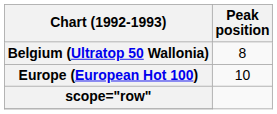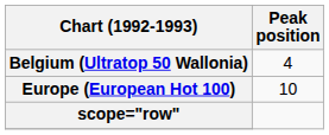 <table class="wikitable sortable plainrowheaders">
 <tr>
 <th>Chart (1992-1993)</th>
 <th>Peak<br>position</th>
 </tr>
 <tr>
 <th scope="row">Belgium (<a href='#'>Ultratop 50</a> Wallonia)</th>
-<td align="center">8</td>
+<td align="center">4</td>
 </tr>
 <tr>
 <th scope="row">Europe (<a href='#'>European Hot 100</a>)</th>
 <td align="center">10</td>
 </tr>
 <tr>
 <th>scope="row"</th>
 </tr>
 <tr>
 </tr>
 </table>
